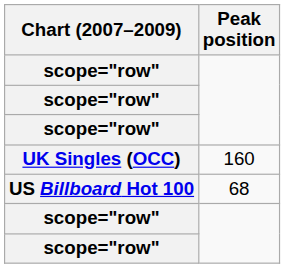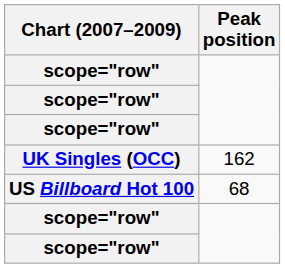 <table class="wikitable plainrowheaders" style="text-align:center;">
 <tr>
 <th scope="col">Chart (2007–2009)</th>
 <th scope="col">Peak<br>position</th>
 </tr>
 <tr>
 <th>scope="row" </th>
 </tr>
 <tr>
 <th>scope="row" </th>
 </tr>
 <tr>
 <th>scope="row" </th>
 </tr>
 <tr>
 <th scope="row"><a href='#'>UK Singles</a> (<a href='#'>OCC</a>)</th>
-<td>160</td>
+<td>162</td>
 </tr>
 <tr>
 <th scope="row">US <a href='#'><em>Billboard</em> Hot 100</a></th>
 <td>68</td>
 </tr>
 <tr>
 <th>scope="row" </th>
 </tr>
 <tr>
 <th>scope="row" </th>
 </tr>
 </table>
